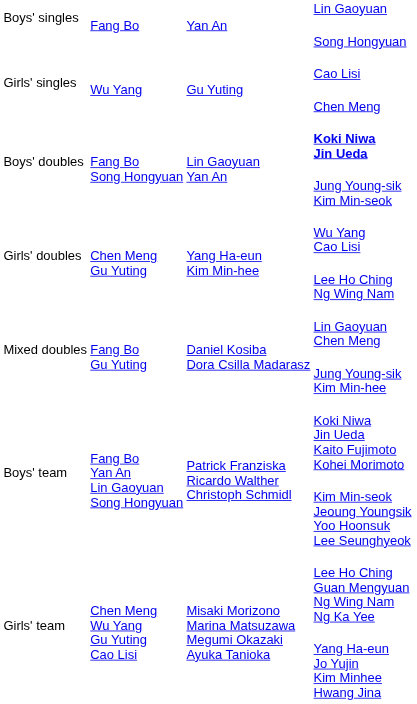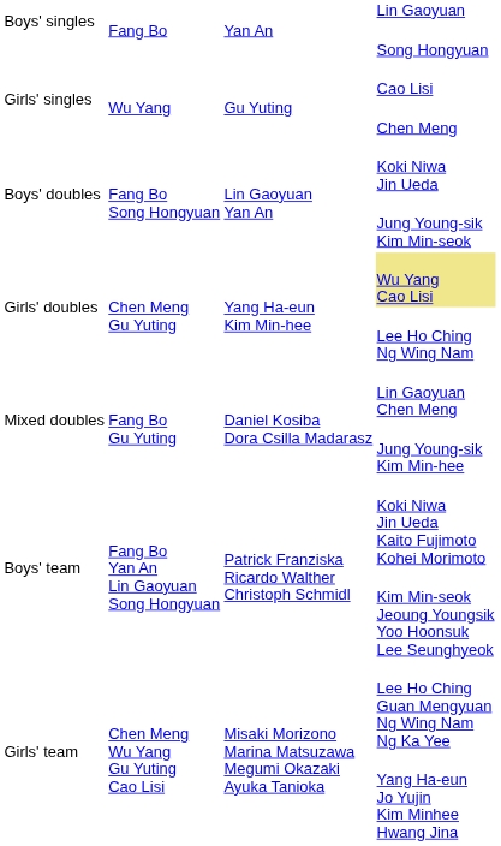 <table>
 <tr>
 <td rowspan=2>Boys' singles</td>
 <td rowspan=2><br><a href='#'>Fang Bo</a></td>
 <td rowspan=2><br><a href='#'>Yan An</a></td>
 <td><br><a href='#'>Lin Gaoyuan</a></td>
 </tr>
 <tr>
 <td><br><a href='#'>Song Hongyuan</a></td>
 </tr>
 <tr>
 <td rowspan=2>Girls' singles</td>
 <td rowspan=2><br><a href='#'>Wu Yang</a></td>
 <td rowspan=2><br><a href='#'>Gu Yuting</a></td>
 <td><br><a href='#'>Cao Lisi</a></td>
 </tr>
 <tr>
 <td><br><a href='#'>Chen Meng</a></td>
 </tr>
 <tr>
 <td rowspan=2>Boys' doubles</td>
 <td rowspan=2><br><a href='#'>Fang Bo</a><br><a href='#'>Song Hongyuan</a></td>
 <td rowspan=2><br><a href='#'>Lin Gaoyuan</a><br><a href='#'>Yan An</a></td>
-<td><strong><br><a href='#'>Koki Niwa</a><br><a href='#'>Jin Ueda</a></strong></td>
+<td><br><a href='#'>Koki Niwa</a><br><a href='#'>Jin Ueda</a></td>
 </tr>
 <tr>
 <td><br><a href='#'>Jung Young-sik</a><br><a href='#'>Kim Min-seok</a></td>
 </tr>
 <tr>
 <td rowspan=2>Girls' doubles</td>
 <td rowspan=2><br><a href='#'>Chen Meng</a><br><a href='#'>Gu Yuting</a></td>
 <td rowspan=2><br><a href='#'>Yang Ha-eun</a><br><a href='#'>Kim Min-hee</a></td>
-<td><br><a href='#'>Wu Yang</a><br><a href='#'>Cao Lisi</a></td>
+<td style="background: khaki;"><br><a href='#'>Wu Yang</a><br><a href='#'>Cao Lisi</a></td>
 </tr>
 <tr>
 <td><br><a href='#'>Lee Ho Ching</a><br><a href='#'>Ng Wing Nam</a></td>
 </tr>
 <tr>
 <td rowspan=2>Mixed doubles</td>
 <td rowspan=2><br><a href='#'>Fang Bo</a><br><a href='#'>Gu Yuting</a></td>
 <td rowspan=2><br><a href='#'>Daniel Kosiba</a><br><a href='#'>Dora Csilla Madarasz</a></td>
 <td><br><a href='#'>Lin Gaoyuan</a><br><a href='#'>Chen Meng</a></td>
 </tr>
 <tr>
 <td><br><a href='#'>Jung Young-sik</a><br><a href='#'>Kim Min-hee</a></td>
 </tr>
 <tr>
 <td rowspan=2>Boys' team</td>
 <td rowspan=2><br><a href='#'>Fang Bo</a><br><a href='#'>Yan An</a><br><a href='#'>Lin Gaoyuan</a><br><a href='#'>Song Hongyuan</a></td>
 <td rowspan=2><br><a href='#'>Patrick Franziska</a><br><a href='#'>Ricardo Walther</a><br><a href='#'>Christoph Schmidl</a></td>
 <td><br><a href='#'>Koki Niwa</a><br><a href='#'>Jin Ueda</a><br><a href='#'>Kaito Fujimoto</a><br><a href='#'>Kohei Morimoto</a></td>
 </tr>
 <tr>
 <td><br><a href='#'>Kim Min-seok</a><br><a href='#'>Jeoung Youngsik</a><br><a href='#'>Yoo Hoonsuk</a><br><a href='#'>Lee Seunghyeok</a></td>
 </tr>
 <tr>
 <td rowspan=2>Girls' team</td>
 <td rowspan=2><br><a href='#'>Chen Meng</a><br><a href='#'>Wu Yang</a><br><a href='#'>Gu Yuting</a><br><a href='#'>Cao Lisi</a></td>
 <td rowspan=2><br><a href='#'>Misaki Morizono</a><br><a href='#'>Marina Matsuzawa</a><br><a href='#'>Megumi Okazaki</a><br><a href='#'>Ayuka Tanioka</a></td>
 <td><br><a href='#'>Lee Ho Ching</a><br><a href='#'>Guan Mengyuan</a><br><a href='#'>Ng Wing Nam</a><br><a href='#'>Ng Ka Yee</a></td>
 </tr>
 <tr>
 <td><br><a href='#'>Yang Ha-eun</a><br><a href='#'>Jo Yujin</a><br><a href='#'>Kim Minhee</a><br><a href='#'>Hwang Jina</a></td>
 </tr>
 </table>
